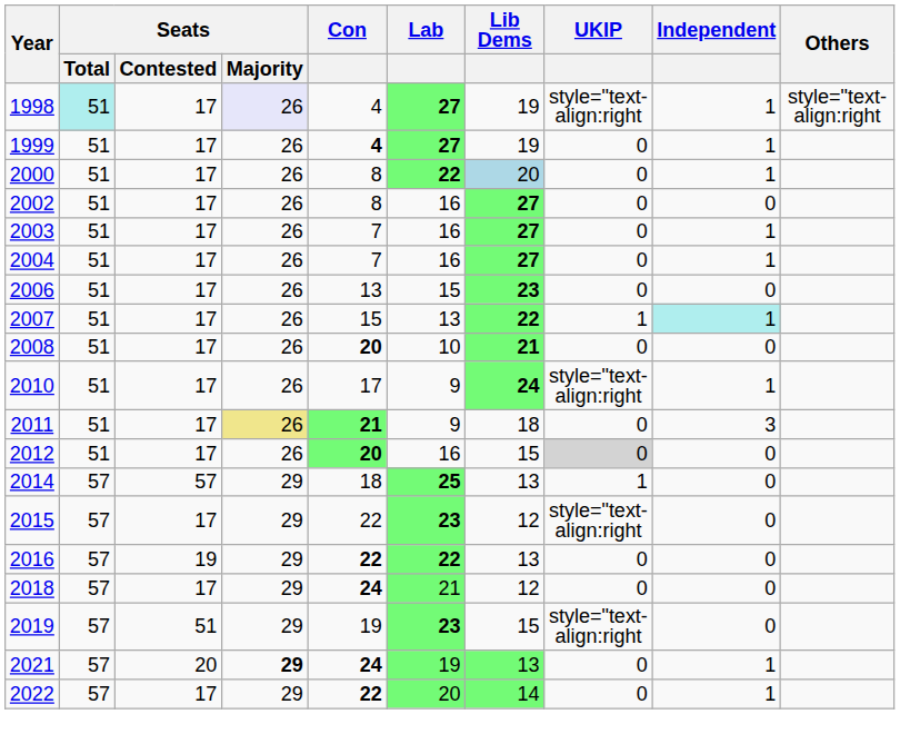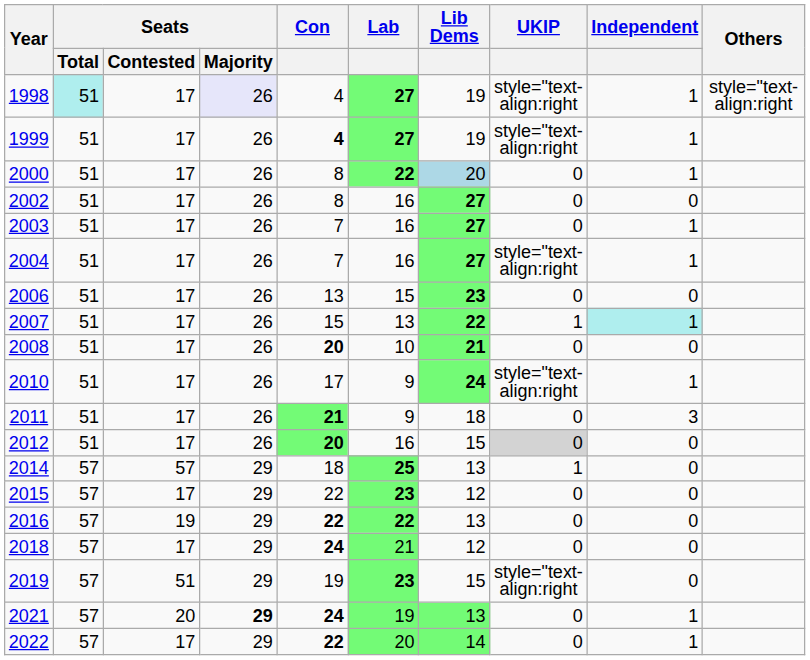 <table class="wikitable sortable mw-datatable" style="text-align:center;font-size:90%;line-height:14px;">
 <tr>
 <th rowspan="2">Year</th>
 <th Colspan="3">Seats</th>
 <th class="unsortable" style="width:50px;"><a href='#'>Con</a></th>
 <th class="unsortable" style="width:50px;"><a href='#'>Lab</a></th>
 <th class="unsortable" style="width:50px;"><a href='#'>Lib Dems</a></th>
 <th class="unsortable" style="width:50px;"><a href='#'>UKIP</a></th>
 <th class="unsortable" style="width:50px;"><a href='#'>Independent</a></th>
 <th rowspan="2" class="unsortable" style="width:75px;">Others</th>
 </tr>
 <tr>
 <th>Total</th>
 <th>Contested</th>
 <th>Majority</th>
 <th data-sort-type="number" style="background:"></th>
 <th data-sort-type="number" style="background:"></th>
 <th data-sort-type="number" style="background:"></th>
 <th data-sort-type="number" style="background:"></th>
 <th data-sort-type="number" style="background:"></th>
 </tr>
 <tr>
 <td><a href='#'>1998</a></td>
 <td style="background: paleturquoise; text-align:right">51</td>
 <td style="text-align:right">17</td>
 <td style="background: lavender; text-align:right">26</td>
 <td style="text-align:right">4</td>
 <td scope="row" style="text-align: right; font-weight: bold; background-color:#73FB76;">27</td>
 <td style="text-align:right">19</td>
 <td>style="text-align:right </td>
 <td style="text-align:right">1</td>
 <td>style="text-align:right </td>
 </tr>
 <tr>
 <td><a href='#'>1999</a></td>
 <td style="text-align:right">51</td>
 <td style="text-align:right">17</td>
 <td style="text-align:right">26</td>
 <td style="text-align:right"><strong>4</strong></td>
 <td scope="row" style="text-align: right; font-weight: bold; background-color:#73FB76;">27</td>
 <td style="text-align:right">19</td>
-<td style="text-align:right">0</td>
+<td>style="text-align:right </td>
 <td style="text-align:right">1</td>
 <td style="text-align:right"></td>
 </tr>
 <tr>
 <td><a href='#'>2000</a></td>
 <td style="text-align:right">51</td>
 <td style="text-align:right">17</td>
 <td style="text-align:right">26</td>
 <td style="text-align:right">8</td>
 <td scope="row" style="text-align: right; font-weight: bold; background-color:#73FB76;">22</td>
 <td style="background: lightblue; text-align:right">20</td>
 <td style="text-align:right">0</td>
 <td style="text-align:right">1</td>
 <td style="text-align:right"></td>
 </tr>
 <tr>
 <td><a href='#'>2002</a></td>
 <td style="text-align:right">51</td>
 <td style="text-align:right">17</td>
 <td style="text-align:right">26</td>
 <td style="text-align:right">8</td>
 <td style="text-align:right">16</td>
 <td scope="row" style="text-align: right; font-weight: bold; background-color:#73FB76;">27</td>
 <td style="text-align:right">0</td>
 <td style="text-align:right">0</td>
 <td style="text-align:right"></td>
 </tr>
 <tr>
 <td><a href='#'>2003</a></td>
 <td style="text-align:right">51</td>
 <td style="text-align:right">17</td>
 <td style="text-align:right">26</td>
 <td style="text-align:right">7</td>
 <td style="text-align:right">16</td>
 <td scope="row" style="text-align: right; font-weight: bold; background-color:#73FB76;">27</td>
 <td style="text-align:right">0</td>
 <td style="text-align:right">1</td>
 <td style="text-align:right"></td>
 </tr>
 <tr>
 <td><a href='#'>2004</a></td>
 <td style="text-align:right">51</td>
 <td style="text-align:right">17</td>
 <td style="text-align:right">26</td>
 <td style="text-align:right">7</td>
 <td style="text-align:right">16</td>
 <td scope="row" style="text-align: right; font-weight: bold; background-color:#73FB76;">27</td>
-<td style="text-align:right">0</td>
+<td>style="text-align:right </td>
 <td style="text-align:right">1</td>
 <td style="text-align:right"></td>
 </tr>
 <tr>
 <td><a href='#'>2006</a></td>
 <td style="text-align:right">51</td>
 <td style="text-align:right">17</td>
 <td style="text-align:right">26</td>
 <td style="text-align:right">13</td>
 <td style="text-align:right">15</td>
 <td scope="row" style="text-align: right; font-weight: bold; background-color:#73FB76;">23</td>
 <td style="text-align:right">0</td>
 <td style="text-align:right">0</td>
 <td style="text-align:right"></td>
 </tr>
 <tr>
 <td><a href='#'>2007</a></td>
 <td style="text-align:right">51</td>
 <td style="text-align:right">17</td>
 <td style="text-align:right">26</td>
 <td style="text-align:right">15</td>
 <td style="text-align:right">13</td>
 <td scope="row" style="text-align: right; font-weight: bold; background-color:#73FB76;">22</td>
 <td style="text-align:right">1</td>
 <td style="background: paleturquoise; text-align:right">1</td>
 <td style="text-align:right"></td>
 </tr>
 <tr>
 <td><a href='#'>2008</a></td>
 <td style="text-align:right">51</td>
 <td style="text-align:right">17</td>
 <td style="text-align:right">26</td>
 <td style="text-align:right"><strong>20</strong></td>
 <td style="text-align:right">10</td>
 <td scope="row" style="text-align: right; font-weight: bold; background-color:#73FB76;">21</td>
 <td style="text-align:right">0</td>
 <td style="text-align:right">0</td>
 <td style="text-align:right"></td>
 </tr>
 <tr>
 <td><a href='#'>2010</a></td>
 <td style="text-align:right">51</td>
 <td style="text-align:right">17</td>
 <td style="text-align:right">26</td>
 <td style="text-align:right">17</td>
 <td style="text-align:right">9</td>
 <td scope="row" style="text-align: right; font-weight: bold; background-color:#73FB76;">24</td>
 <td>style="text-align:right </td>
 <td style="text-align:right">1</td>
 <td style="text-align:right"></td>
 </tr>
 <tr>
 <td><a href='#'>2011</a></td>
 <td style="text-align:right">51</td>
 <td style="text-align:right">17</td>
-<td style="background: khaki; text-align:right">26</td>
+<td style="text-align:right">26</td>
 <td scope="row" style="text-align: right; font-weight: bold; background-color:#73FB76;">21</td>
 <td style="text-align:right">9</td>
 <td style="text-align:right">18</td>
 <td style="text-align:right">0</td>
 <td style="text-align:right">3</td>
 <td style="text-align:right"></td>
 </tr>
 <tr>
 <td><a href='#'>2012</a></td>
 <td style="text-align:right">51</td>
 <td style="text-align:right">17</td>
 <td style="text-align:right">26</td>
 <td scope="row" style="text-align: right; font-weight: bold; background-color:#73FB76;">20</td>
 <td style="text-align:right">16</td>
 <td style="text-align:right">15</td>
 <td style="background: lightgrey; text-align:right">0</td>
 <td style="text-align:right">0</td>
 <td style="text-align:right"></td>
 </tr>
 <tr>
 <td><a href='#'>2014</a></td>
 <td style="text-align:right">57</td>
 <td style="text-align:right">57</td>
 <td style="text-align:right">29</td>
 <td style="text-align:right">18</td>
 <td scope="row" style="text-align: right; font-weight: bold; background-color:#73FB76;">25</td>
 <td style="text-align:right">13</td>
 <td style="text-align:right">1</td>
 <td style="text-align:right">0</td>
 <td style="text-align:right"></td>
 </tr>
 <tr>
 <td><a href='#'>2015</a></td>
 <td style="text-align:right">57</td>
 <td style="text-align:right">17</td>
 <td style="text-align:right">29</td>
 <td style="text-align:right">22</td>
 <td scope="row" style="text-align: right; font-weight: bold; background-color:#73FB76;">23</td>
 <td style="text-align:right">12</td>
-<td>style="text-align:right </td>
+<td style="text-align:right">0</td>
 <td style="text-align:right">0</td>
 <td style="text-align:right"></td>
 </tr>
 <tr>
 <td><a href='#'>2016</a></td>
 <td style="text-align:right">57</td>
 <td style="text-align:right">19</td>
 <td style="text-align:right">29</td>
 <td style="text-align:right"><strong>22</strong></td>
 <td scope="row" style="text-align: right; font-weight: bold; background-color:#73FB76;">22</td>
 <td style="text-align:right">13</td>
 <td style="text-align:right">0</td>
 <td style="text-align:right">0</td>
 <td style="text-align:right"></td>
 </tr>
 <tr>
 <td><a href='#'>2018</a></td>
 <td style="text-align:right">57</td>
 <td style="text-align:right">17</td>
 <td style="text-align:right">29</td>
 <td style="text-align:right"><strong>24</strong></td>
 <td scope="row" style="text-align: right; font-weight; background-color:#73FB76;">21</td>
 <td style="text-align:right">12</td>
 <td style="text-align:right">0</td>
 <td style="text-align:right">0</td>
 <td style="text-align:right"></td>
 </tr>
 <tr>
 <td><a href='#'>2019</a></td>
 <td style="text-align:right">57</td>
 <td style="text-align:right">51</td>
 <td style="text-align:right">29</td>
 <td style="text-align:right">19</td>
 <td scope="row" style="text-align: right; font-weight: bold; background-color:#73FB76;">23</td>
 <td style="text-align:right">15</td>
 <td>style="text-align:right </td>
 <td style="text-align:right">0</td>
 <td style="text-align:right"></td>
 </tr>
 <tr>
 <td><a href='#'>2021</a></td>
 <td style="text-align:right">57</td>
 <td style="text-align:right">20</td>
 <td style="text-align:right"><strong>29</strong></td>
 <td style="text-align:right"><strong>24</strong></td>
 <td scope="row" style="text-align: right; font-weight; background-color:#73FB76;">19</td>
 <td scope="row" style="text-align: right; font-weight; background-color:#73FB76;">13</td>
 <td style="text-align:right">0</td>
 <td style="text-align:right">1</td>
 <td style="text-align:right"></td>
 </tr>
 <tr>
 <td><a href='#'>2022</a></td>
 <td style="text-align:right">57</td>
 <td style="text-align:right">17</td>
 <td style="text-align:right">29</td>
 <td style="text-align:right"><strong>22</strong></td>
 <td scope="row" style="text-align: right; font-weight; background-color:#73FB76;">20</td>
 <td scope="row" style="text-align: right; font-weight; background-color:#73FB76;">14</td>
 <td style="text-align:right">0</td>
 <td style="text-align:right">1</td>
 <td style="text-align:right"></td>
 </tr>
 </table>
